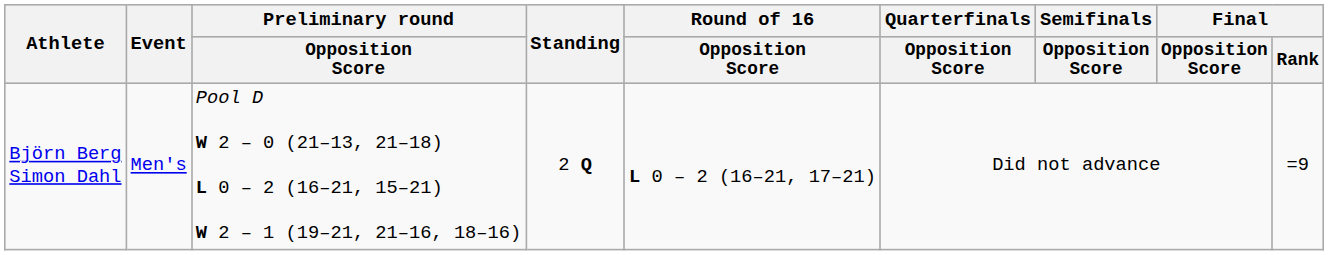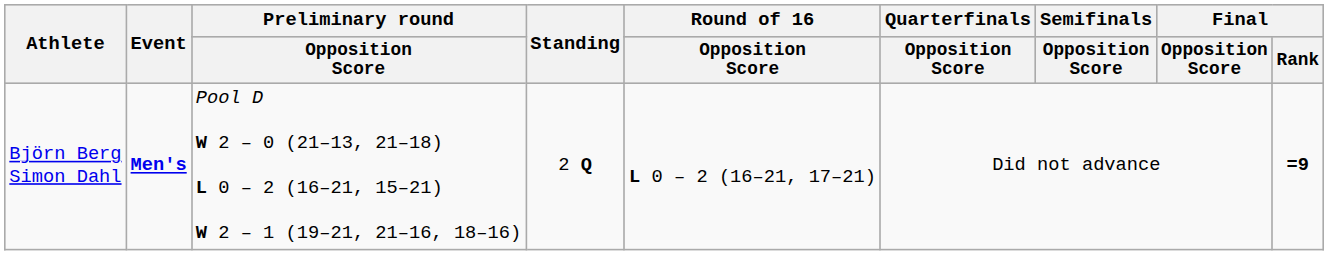 <table class=wikitable style="font-size:90%">
 <tr>
 <th rowspan="2">Athlete</th>
 <th rowspan="2">Event</th>
 <th>Preliminary round</th>
 <th rowspan="2">Standing</th>
 <th>Round of 16</th>
 <th>Quarterfinals</th>
 <th>Semifinals</th>
 <th colspan=2>Final</th>
 </tr>
 <tr style="font-size:95%">
 <th>Opposition<br>Score</th>
 <th>Opposition<br>Score</th>
 <th>Opposition<br>Score</th>
 <th>Opposition<br>Score</th>
 <th>Opposition<br>Score</th>
 <th>Rank</th>
 </tr>
 <tr align=center>
 <td align=left><a href='#'>Björn Berg</a><br><a href='#'>Simon Dahl</a></td>
-<td align=left><a href='#'>Men's</a></td>
+<td align=left><strong><a href='#'>Men's</a></strong></td>
 <td align=left><em>Pool D</em><br><br><strong>W</strong> 2 – 0  (21–13, 21–18)<br><br><strong>L</strong> 0 – 2 (16–21, 15–21)<br><br><strong>W</strong> 2 – 1 (19–21, 21–16, 18–16)</td>
 <td>2 <strong>Q</strong></td>
 <td><br><strong>L</strong> 0 – 2 (16–21, 17–21)</td>
 <td colspan=3>Did not advance</td>
-<td>=9</td>
+<td><strong>=9</strong></td>
 </tr>
 </table>
